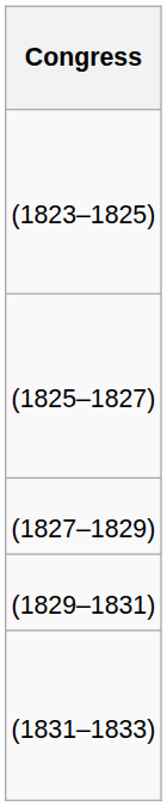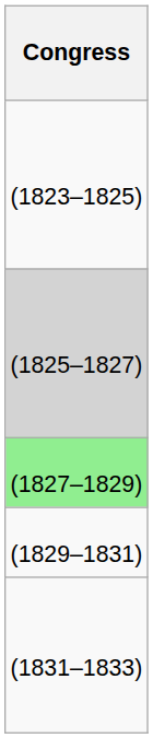 <table class="wikitable" style="float:left; margin:0; margin-right:-0.5px; margin-top:14px; text-align:center;">
 <tr style="white-space:nowrap; height:4.06em;">
 <th>Congress</th>
 </tr>
 <tr style="white-space:nowrap; height:7.24em;">
 <td><strong></strong><br>(1823–1825)</td>
 </tr>
 <tr style="white-space:nowrap; height:7.24em">
-<td><strong></strong><br>(1825–1827)</td>
+<td style="background: lightgrey;"><strong></strong><br>(1825–1827)</td>
 </tr>
 <tr style="white-space:nowrap; height:3em">
-<td><strong></strong><br>(1827–1829)</td>
+<td style="background: lightgreen;"><strong></strong><br>(1827–1829)</td>
 </tr>
 <tr style="white-space:nowrap; height:3em">
 <td><strong></strong><br>(1829–1831)</td>
 </tr>
 <tr style="white-space:nowrap; height:6.74em">
 <td><strong></strong><br>(1831–1833)</td>
 </tr>
 </table>
